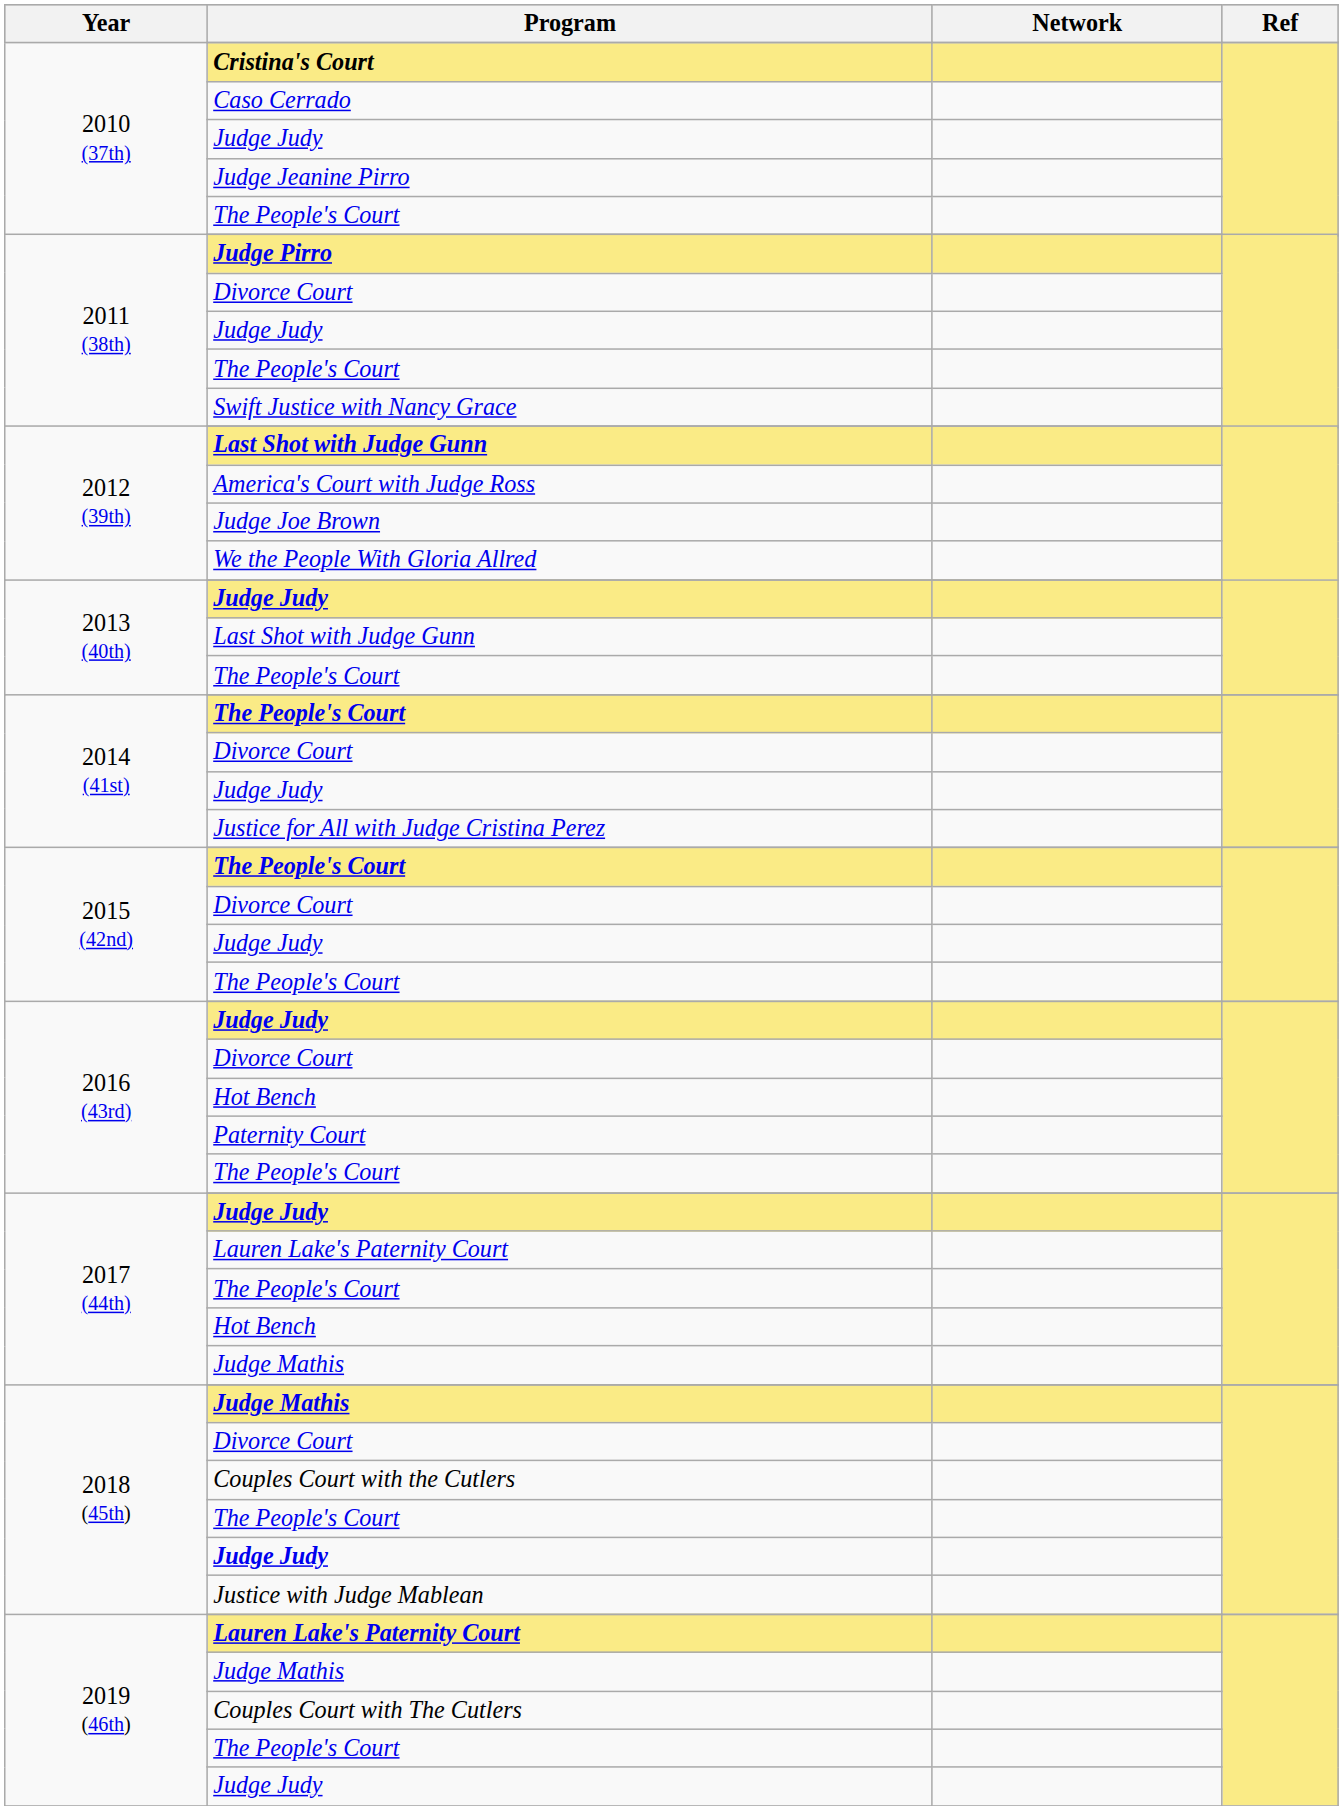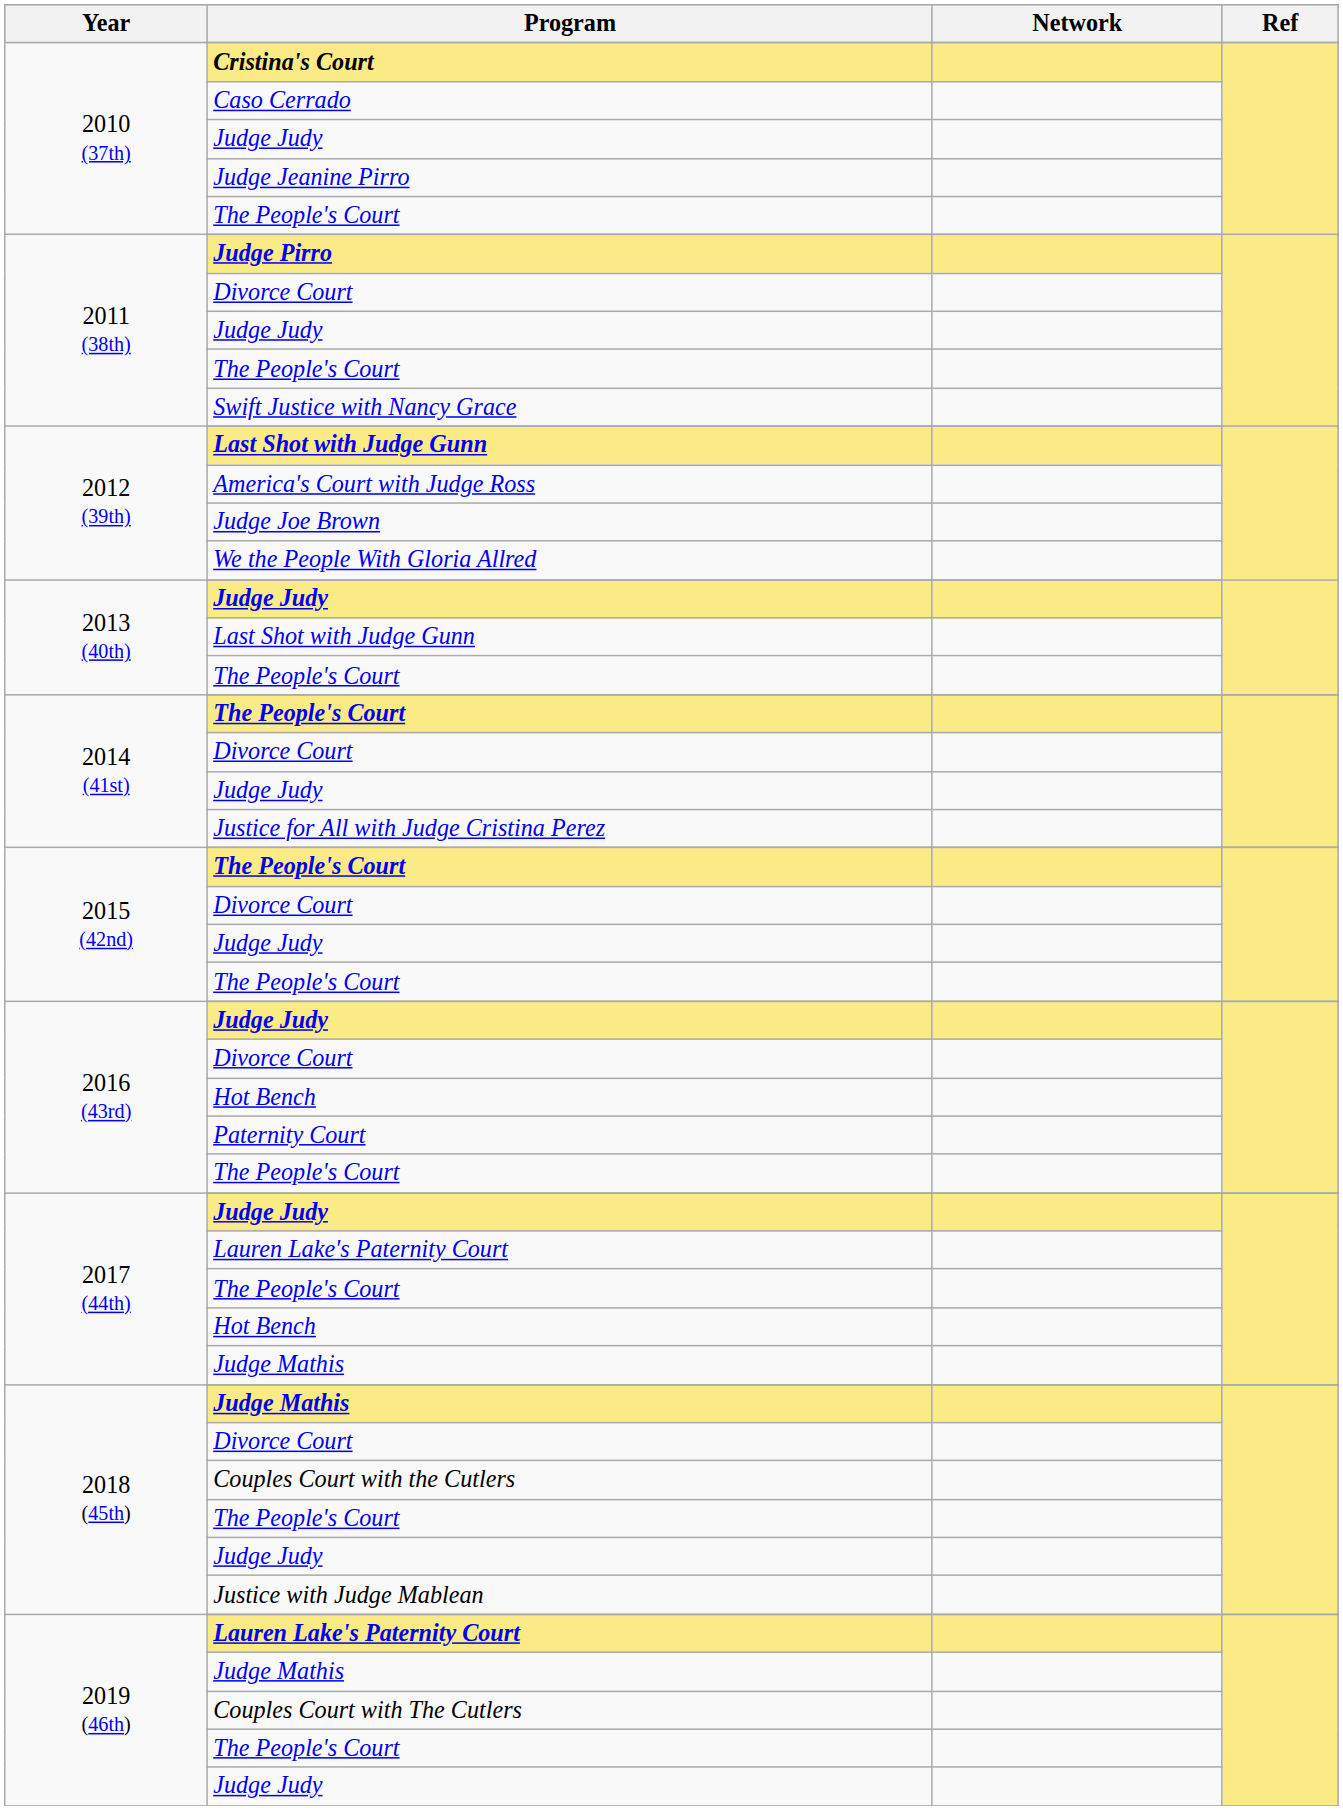 <table class="wikitable" style="width:100%">
 <tr style="background:#bebebe;">
 <th style="width:7%;">Year</th>
 <th style="width:25%;">Program</th>
 <th style="width:10%;">Network</th>
 <th style="width:4%;">Ref</th>
 </tr>
 <tr>
 <td rowspan=6 style="text-align:center">2010 <br><small><a href='#'>(37th)</a></small></td>
 </tr>
 <tr style="background:#FAEB86">
 <td><strong><em>Cristina's Court</em></strong></td>
 <td></td>
 <td rowspan=6 style="text-align:center"></td>
 </tr>
 <tr>
 <td><em><a href='#'>Caso Cerrado</a></em></td>
 <td></td>
 </tr>
 <tr>
 <td><em><a href='#'>Judge Judy</a></em></td>
 <td></td>
 </tr>
 <tr>
 <td><em><a href='#'>Judge Jeanine Pirro</a></em></td>
 <td></td>
 </tr>
 <tr>
 <td><em><a href='#'>The People's Court</a></em></td>
 <td></td>
 </tr>
 <tr>
 <td rowspan=6 style="text-align:center">2011 <br><small><a href='#'>(38th)</a></small></td>
 </tr>
 <tr style="background:#FAEB86">
 <td><strong><em><a href='#'>Judge Pirro</a></em></strong></td>
 <td></td>
 <td rowspan=6></td>
 </tr>
 <tr>
 <td><em><a href='#'>Divorce Court</a></em></td>
 <td></td>
 </tr>
 <tr>
 <td><em><a href='#'>Judge Judy</a></em></td>
 <td></td>
 </tr>
 <tr>
 <td><em><a href='#'>The People's Court</a></em></td>
 <td></td>
 </tr>
 <tr>
 <td><em><a href='#'>Swift Justice with Nancy Grace</a></em></td>
 <td></td>
 </tr>
 <tr>
 <td rowspan=5 style="text-align:center">2012 <br><small><a href='#'>(39th)</a></small></td>
 </tr>
 <tr style="background:#FAEB86">
 <td><strong><em><a href='#'>Last Shot with Judge Gunn</a></em></strong></td>
 <td></td>
 <td rowspan=5></td>
 </tr>
 <tr>
 <td><em><a href='#'>America's Court with Judge Ross</a></em></td>
 <td></td>
 </tr>
 <tr>
 <td><em><a href='#'>Judge Joe Brown</a></em></td>
 <td></td>
 </tr>
 <tr>
 <td><em><a href='#'>We the People With Gloria Allred</a></em></td>
 <td></td>
 </tr>
 <tr>
 <td rowspan=4 style="text-align:center">2013 <br><small><a href='#'>(40th)</a></small></td>
 </tr>
 <tr style="background:#FAEB86">
 <td><strong><em><a href='#'>Judge Judy</a></em></strong></td>
 <td></td>
 <td rowspan="3"></td>
 </tr>
 <tr>
 <td><em><a href='#'>Last Shot with Judge Gunn</a></em></td>
 <td></td>
 </tr>
 <tr>
 <td><em><a href='#'>The People's Court</a></em></td>
 <td></td>
 </tr>
 <tr>
 <td rowspan=5 style="text-align:center">2014 <br><small><a href='#'>(41st)</a></small></td>
 </tr>
 <tr style="background:#FAEB86">
 <td><strong><em><a href='#'>The People's Court</a></em></strong></td>
 <td></td>
 <td rowspan="4"></td>
 </tr>
 <tr>
 <td><em><a href='#'>Divorce Court</a></em></td>
 <td></td>
 </tr>
 <tr>
 <td><em><a href='#'>Judge Judy</a></em></td>
 <td></td>
 </tr>
 <tr>
 <td><em><a href='#'>Justice for All with Judge Cristina Perez</a></em></td>
 <td></td>
 </tr>
 <tr>
 <td rowspan=5 style="text-align:center">2015 <br><small><a href='#'>(42nd)</a></small></td>
 </tr>
 <tr style="background:#FAEB86">
 <td><strong><em><a href='#'>The People's Court</a></em></strong></td>
 <td></td>
 <td rowspan="4"></td>
 </tr>
 <tr>
 <td><em><a href='#'>Divorce Court</a></em></td>
 <td></td>
 </tr>
 <tr>
 <td><em><a href='#'>Judge Judy</a></em></td>
 <td></td>
 </tr>
 <tr>
 <td><em><a href='#'>The People's Court</a></em></td>
 <td></td>
 </tr>
 <tr>
 <td rowspan=6 style="text-align:center">2016 <br><small><a href='#'>(43rd)</a></small></td>
 </tr>
 <tr style="background:#FAEB86">
 <td><strong><em><a href='#'>Judge Judy</a></em></strong></td>
 <td></td>
 <td rowspan="5"></td>
 </tr>
 <tr>
 <td><em><a href='#'>Divorce Court</a></em></td>
 <td></td>
 </tr>
 <tr>
 <td><em><a href='#'>Hot Bench</a></em></td>
 <td></td>
 </tr>
 <tr>
 <td><em><a href='#'>Paternity Court</a></em></td>
 <td></td>
 </tr>
 <tr>
 <td><em><a href='#'>The People's Court</a></em></td>
 <td></td>
 </tr>
 <tr>
 <td rowspan=6 style="text-align:center">2017 <br><small><a href='#'>(44th)</a></small></td>
 </tr>
 <tr - style="background:#FAEB86">
 <td><strong><em><a href='#'>Judge Judy</a></em></strong></td>
 <td></td>
 <td rowspan="5"></td>
 </tr>
 <tr>
 <td><em><a href='#'>Lauren Lake's Paternity Court</a></em></td>
 <td></td>
 </tr>
 <tr>
 <td><em><a href='#'>The People's Court</a></em></td>
 <td></td>
 </tr>
 <tr>
 <td><em><a href='#'>Hot Bench</a></em></td>
 <td></td>
 </tr>
 <tr>
 <td><em><a href='#'>Judge Mathis</a></em></td>
 <td></td>
 </tr>
 <tr>
 <td rowspan=7 style="text-align:center">2018 <br><small>(<a href='#'>45th</a>)</small></td>
 </tr>
 <tr - style="background:#FAEB86">
 <td><strong><em><a href='#'>Judge Mathis</a></em></strong></td>
 <td></td>
 <td rowspan="6"></td>
 </tr>
 <tr>
 <td><em><a href='#'>Divorce Court</a></em></td>
 <td></td>
 </tr>
 <tr>
 <td><em>Couples Court with the Cutlers</em></td>
 <td></td>
 </tr>
 <tr>
 <td><em><a href='#'>The People's Court</a></em></td>
 <td></td>
 </tr>
 <tr>
-<td><strong><em><a href='#'>Judge Judy</a></em></strong></td>
+<td><em><a href='#'>Judge Judy</a></em></td>
 <td></td>
 </tr>
 <tr>
 <td><em>Justice with Judge Mablean</em></td>
 <td></td>
 </tr>
 <tr>
 <td rowspan=6 style="text-align:center">2019 <br><small>(<a href='#'>46th</a>)</small></td>
 </tr>
 <tr - style="background:#FAEB86">
 <td><strong><em><a href='#'>Lauren Lake's Paternity Court</a></em></strong></td>
 <td></td>
 <td rowspan="5"></td>
 </tr>
 <tr>
 <td><em><a href='#'>Judge Mathis</a></em></td>
 <td></td>
 </tr>
 <tr>
 <td><em>Couples Court with The Cutlers</em></td>
 <td></td>
 </tr>
 <tr>
 <td><em><a href='#'>The People's Court</a></em></td>
 <td></td>
 </tr>
 <tr>
 <td><em><a href='#'>Judge Judy</a></em></td>
 <td></td>
 </tr>
 <tr>
 </tr>
 </table>
